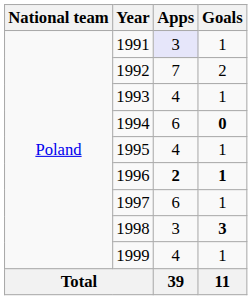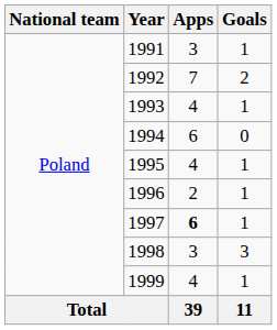 <table class="wikitable" style="text-align:center">
 <tr>
 <th>National team</th>
 <th>Year</th>
 <th>Apps</th>
 <th>Goals</th>
 </tr>
 <tr>
 <td rowspan="9"><a href='#'>Poland</a></td>
 <td>1991</td>
-<td style="background: lavender;">3</td>
+<td>3</td>
 <td>1</td>
 </tr>
 <tr>
 <td>1992</td>
 <td>7</td>
 <td>2</td>
 </tr>
 <tr>
 <td>1993</td>
 <td>4</td>
 <td>1</td>
 </tr>
 <tr>
 <td>1994</td>
 <td>6</td>
-<td><strong>0</strong></td>
+<td>0</td>
 </tr>
 <tr>
 <td>1995</td>
 <td>4</td>
 <td>1</td>
 </tr>
 <tr>
 <td>1996</td>
-<td><strong>2</strong></td>
-<td><strong>1</strong></td>
+<td>2</td>
+<td>1</td>
 </tr>
 <tr>
 <td>1997</td>
-<td>6</td>
+<td><strong>6</strong></td>
 <td>1</td>
 </tr>
 <tr>
 <td>1998</td>
 <td>3</td>
-<td><strong>3</strong></td>
+<td>3</td>
 </tr>
 <tr>
 <td>1999</td>
 <td>4</td>
 <td>1</td>
 </tr>
 <tr>
 <th colspan="2">Total</th>
 <th>39</th>
 <th>11</th>
 </tr>
 </table>
